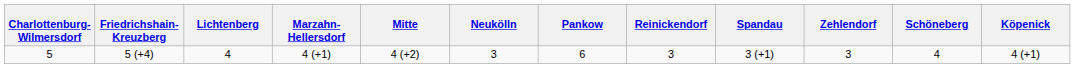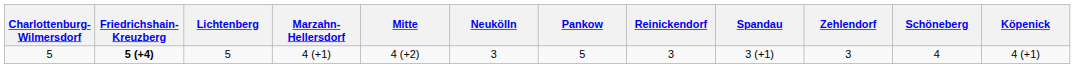 <table class="wikitable" style="text-align:right">
 <tr>
 <th width="8%" valign="top"><br><a href='#'>Charlottenburg-Wilmersdorf</a></th>
 <th width="8%" valign="top"><br><a href='#'>Friedrichshain-Kreuzberg</a></th>
 <th width="8%" valign="top"><br><a href='#'>Lichtenberg</a></th>
 <th width="8%" valign="top"><br><a href='#'>Marzahn-Hellersdorf</a></th>
 <th width="8%" valign="top"><br><a href='#'>Mitte</a></th>
 <th width="8%" valign="top"><br><a href='#'>Neukölln</a></th>
 <th width="8%" valign="top"><br><a href='#'>Pankow</a></th>
 <th width="8%" valign="top"><br><a href='#'>Reinickendorf</a></th>
 <th width="8%" valign="top"><br><a href='#'>Spandau</a></th>
 <th width="8%" valign="top"><br><a href='#'>Zehlendorf</a></th>
 <th width="8%" valign="top"><br><a href='#'>Schöneberg</a></th>
 <th width="8%" valign="top"><br><a href='#'>Köpenick</a></th>
 </tr>
 <tr align="center">
 <td>5</td>
-<td>5 (+4)</td>
-<td>4</td>
+<td><strong>5 (+4)</strong></td>
+<td>5</td>
 <td>4 (+1)</td>
 <td>4 (+2)</td>
 <td>3</td>
-<td>6</td>
+<td>5</td>
 <td>3</td>
 <td>3 (+1)</td>
 <td>3</td>
 <td>4</td>
 <td>4 (+1)</td>
 </tr>
 </table>
